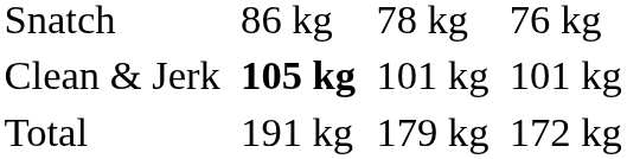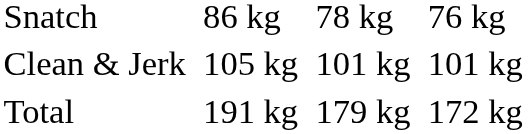 <table>
 <tr>
 <td>Snatch</td>
 <td></td>
 <td>86 kg</td>
 <td></td>
 <td>78 kg</td>
 <td></td>
 <td>76 kg</td>
 </tr>
 <tr>
 <td>Clean & Jerk</td>
 <td></td>
-<td><strong>105 kg</strong></td>
+<td>105 kg</td>
 <td></td>
 <td>101 kg</td>
 <td></td>
 <td>101 kg</td>
 </tr>
 <tr>
 <td>Total</td>
 <td></td>
 <td>191 kg</td>
 <td></td>
 <td>179 kg</td>
 <td></td>
 <td>172 kg</td>
 </tr>
 </table>
